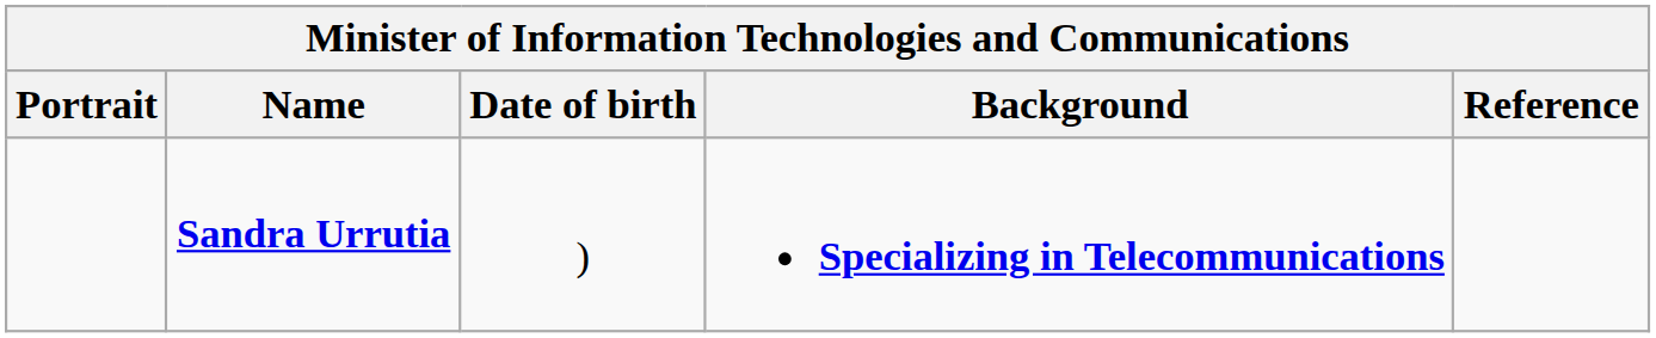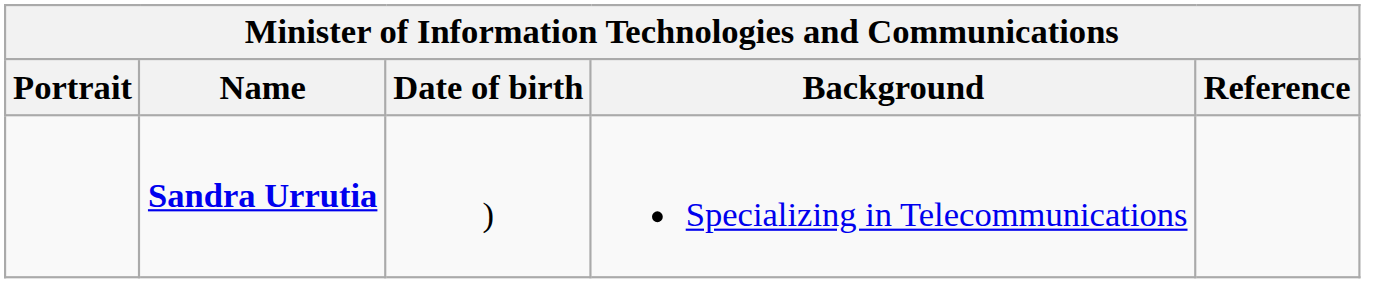 <table class="wikitable collapsible" style="text-align:center;">
 <tr>
 <th colspan="5">Minister of Information Technologies and Communications</th>
 </tr>
 <tr>
 <th>Portrait</th>
 <th>Name</th>
 <th>Date of birth</th>
 <th>Background</th>
 <th>Reference</th>
 </tr>
 <tr>
 <td></td>
 <td><strong><a href='#'>Sandra Urrutia</a></strong></td>
 <td><br>)</td>
-<td><strong><br><ul><li><a href='#'>Specializing in Telecommunications</a></li></ul></strong></td>
+<td><br><ul><li><a href='#'>Specializing in Telecommunications</a></li></ul></td>
 <td></td>
 </tr>
 </table>
